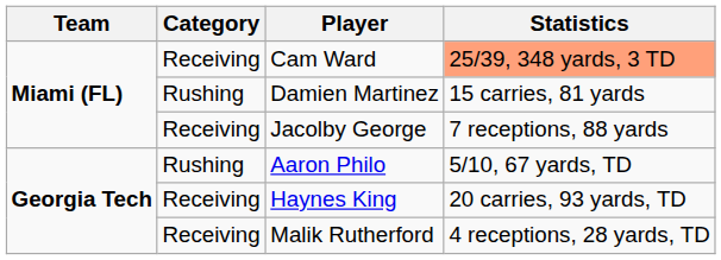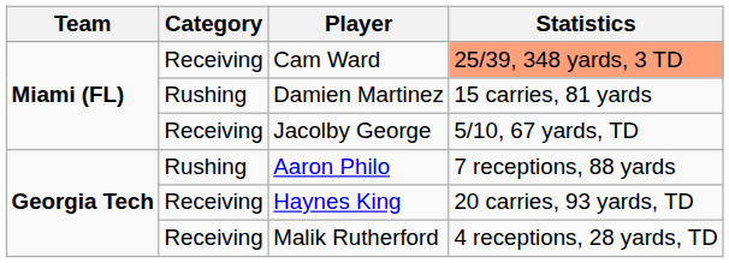 <table class="wikitable" style="float: right;">
 <tr>
 <th>Team</th>
 <th>Category</th>
 <th>Player</th>
 <th>Statistics</th>
 </tr>
 <tr>
 <td rowspan=3><strong>Miami (FL)</strong></td>
 <td>Receiving</td>
 <td>Cam Ward</td>
 <td style="background: lightsalmon;">25/39, 348 yards, 3 TD</td>
 </tr>
 <tr>
 <td>Rushing</td>
 <td>Damien Martinez</td>
 <td>15 carries, 81 yards</td>
 </tr>
 <tr>
 <td>Receiving</td>
 <td>Jacolby George</td>
-<td>7 receptions, 88 yards</td>
+<td>5/10, 67 yards, TD</td>
 </tr>
 <tr>
 <td rowspan=3><strong>Georgia Tech</strong></td>
 <td>Rushing</td>
 <td><a href='#'>Aaron Philo</a></td>
-<td>5/10, 67 yards, TD</td>
+<td>7 receptions, 88 yards</td>
 </tr>
 <tr>
 <td>Receiving</td>
 <td><a href='#'>Haynes King</a></td>
 <td>20 carries, 93 yards, TD</td>
 </tr>
 <tr>
 <td>Receiving</td>
 <td>Malik Rutherford</td>
 <td>4 receptions, 28 yards, TD</td>
 </tr>
 </table>
